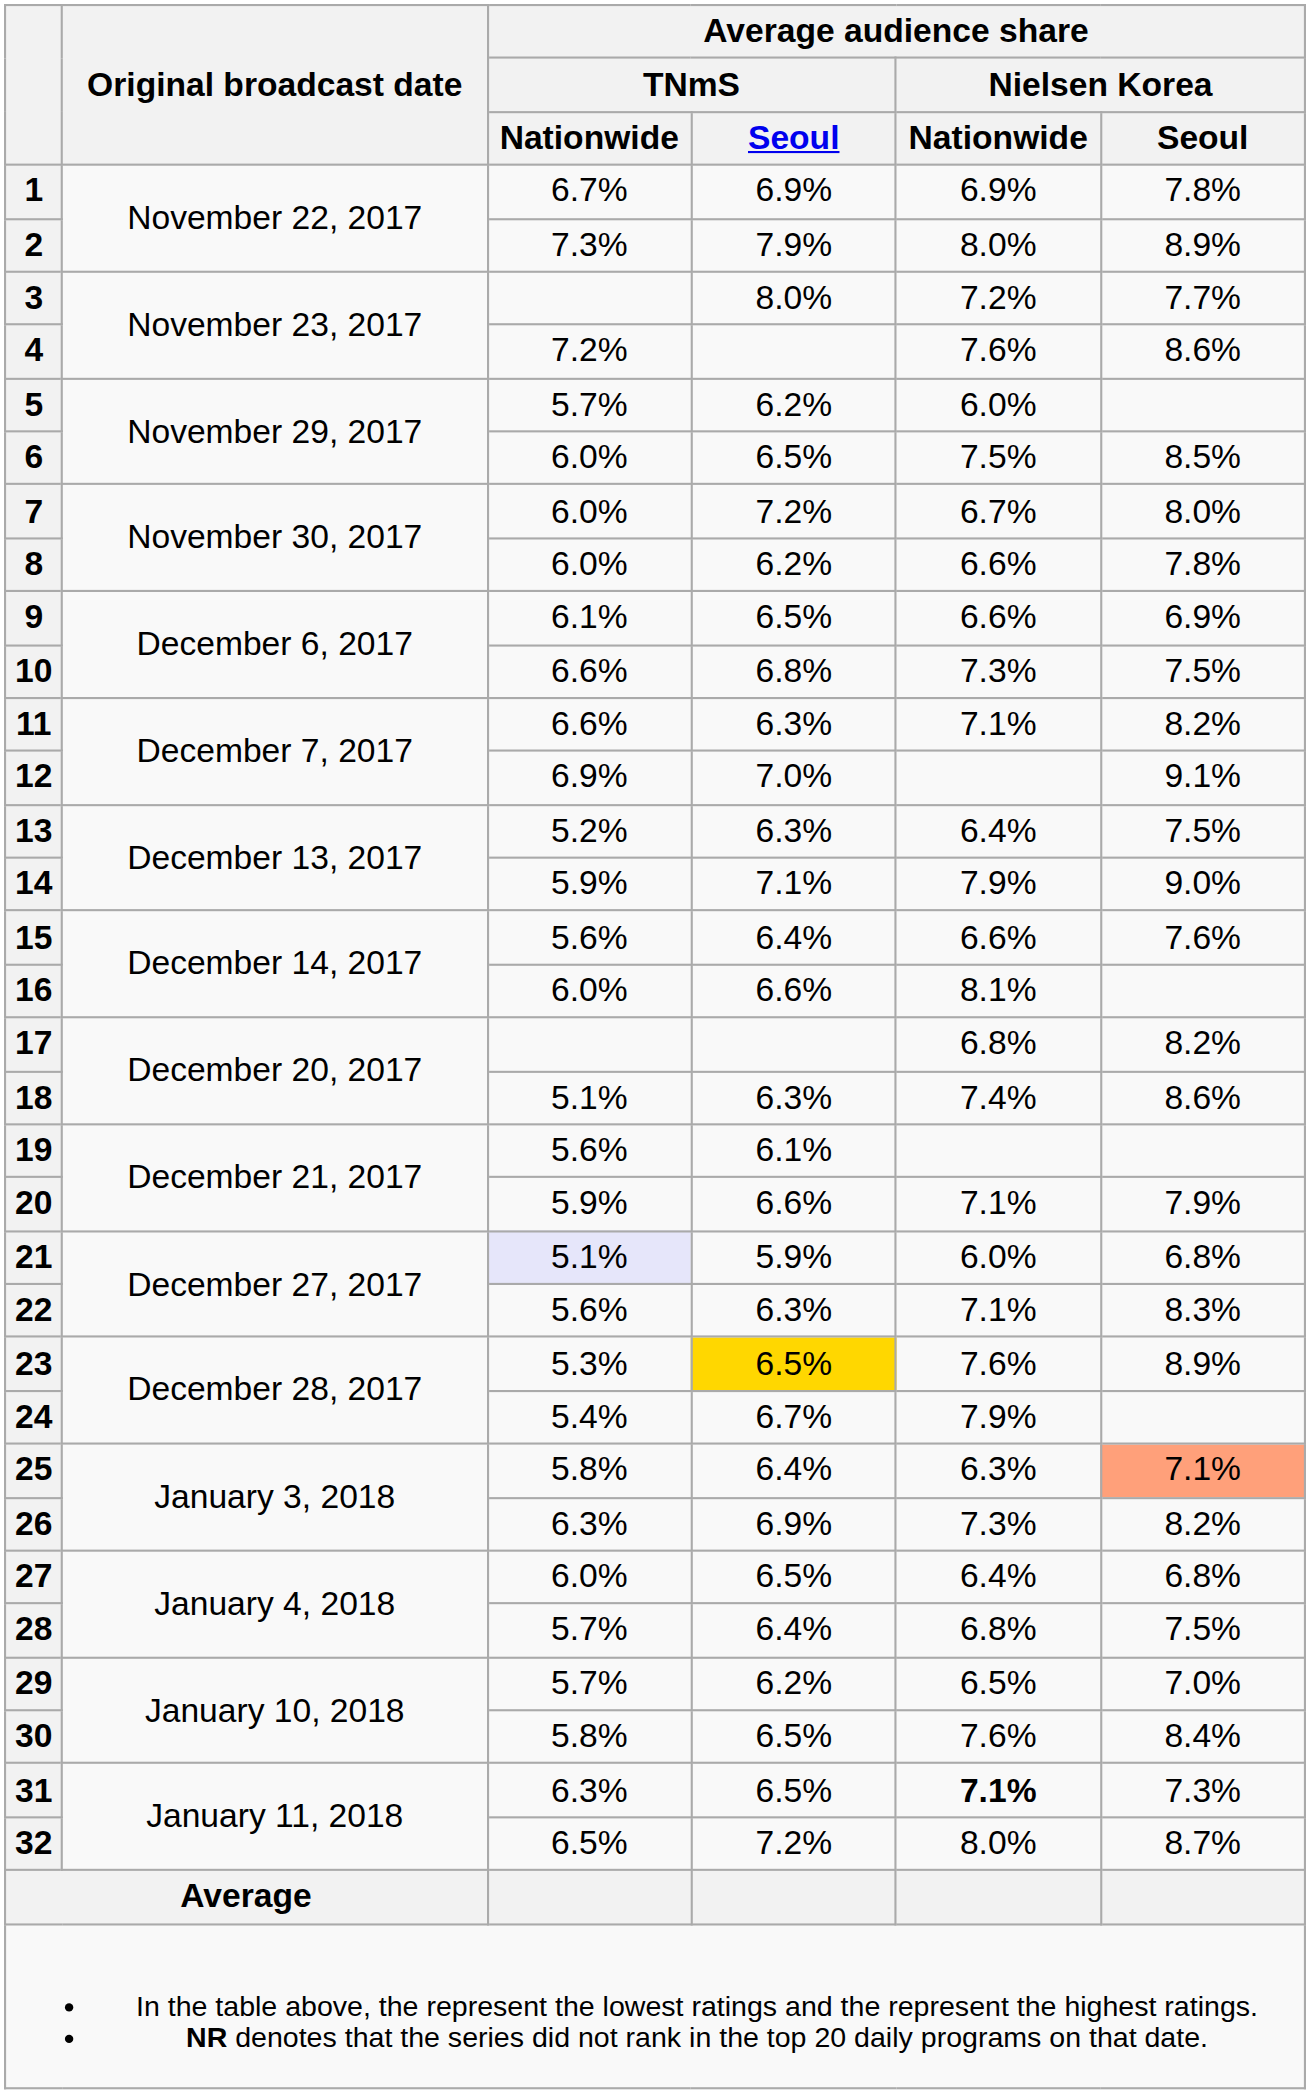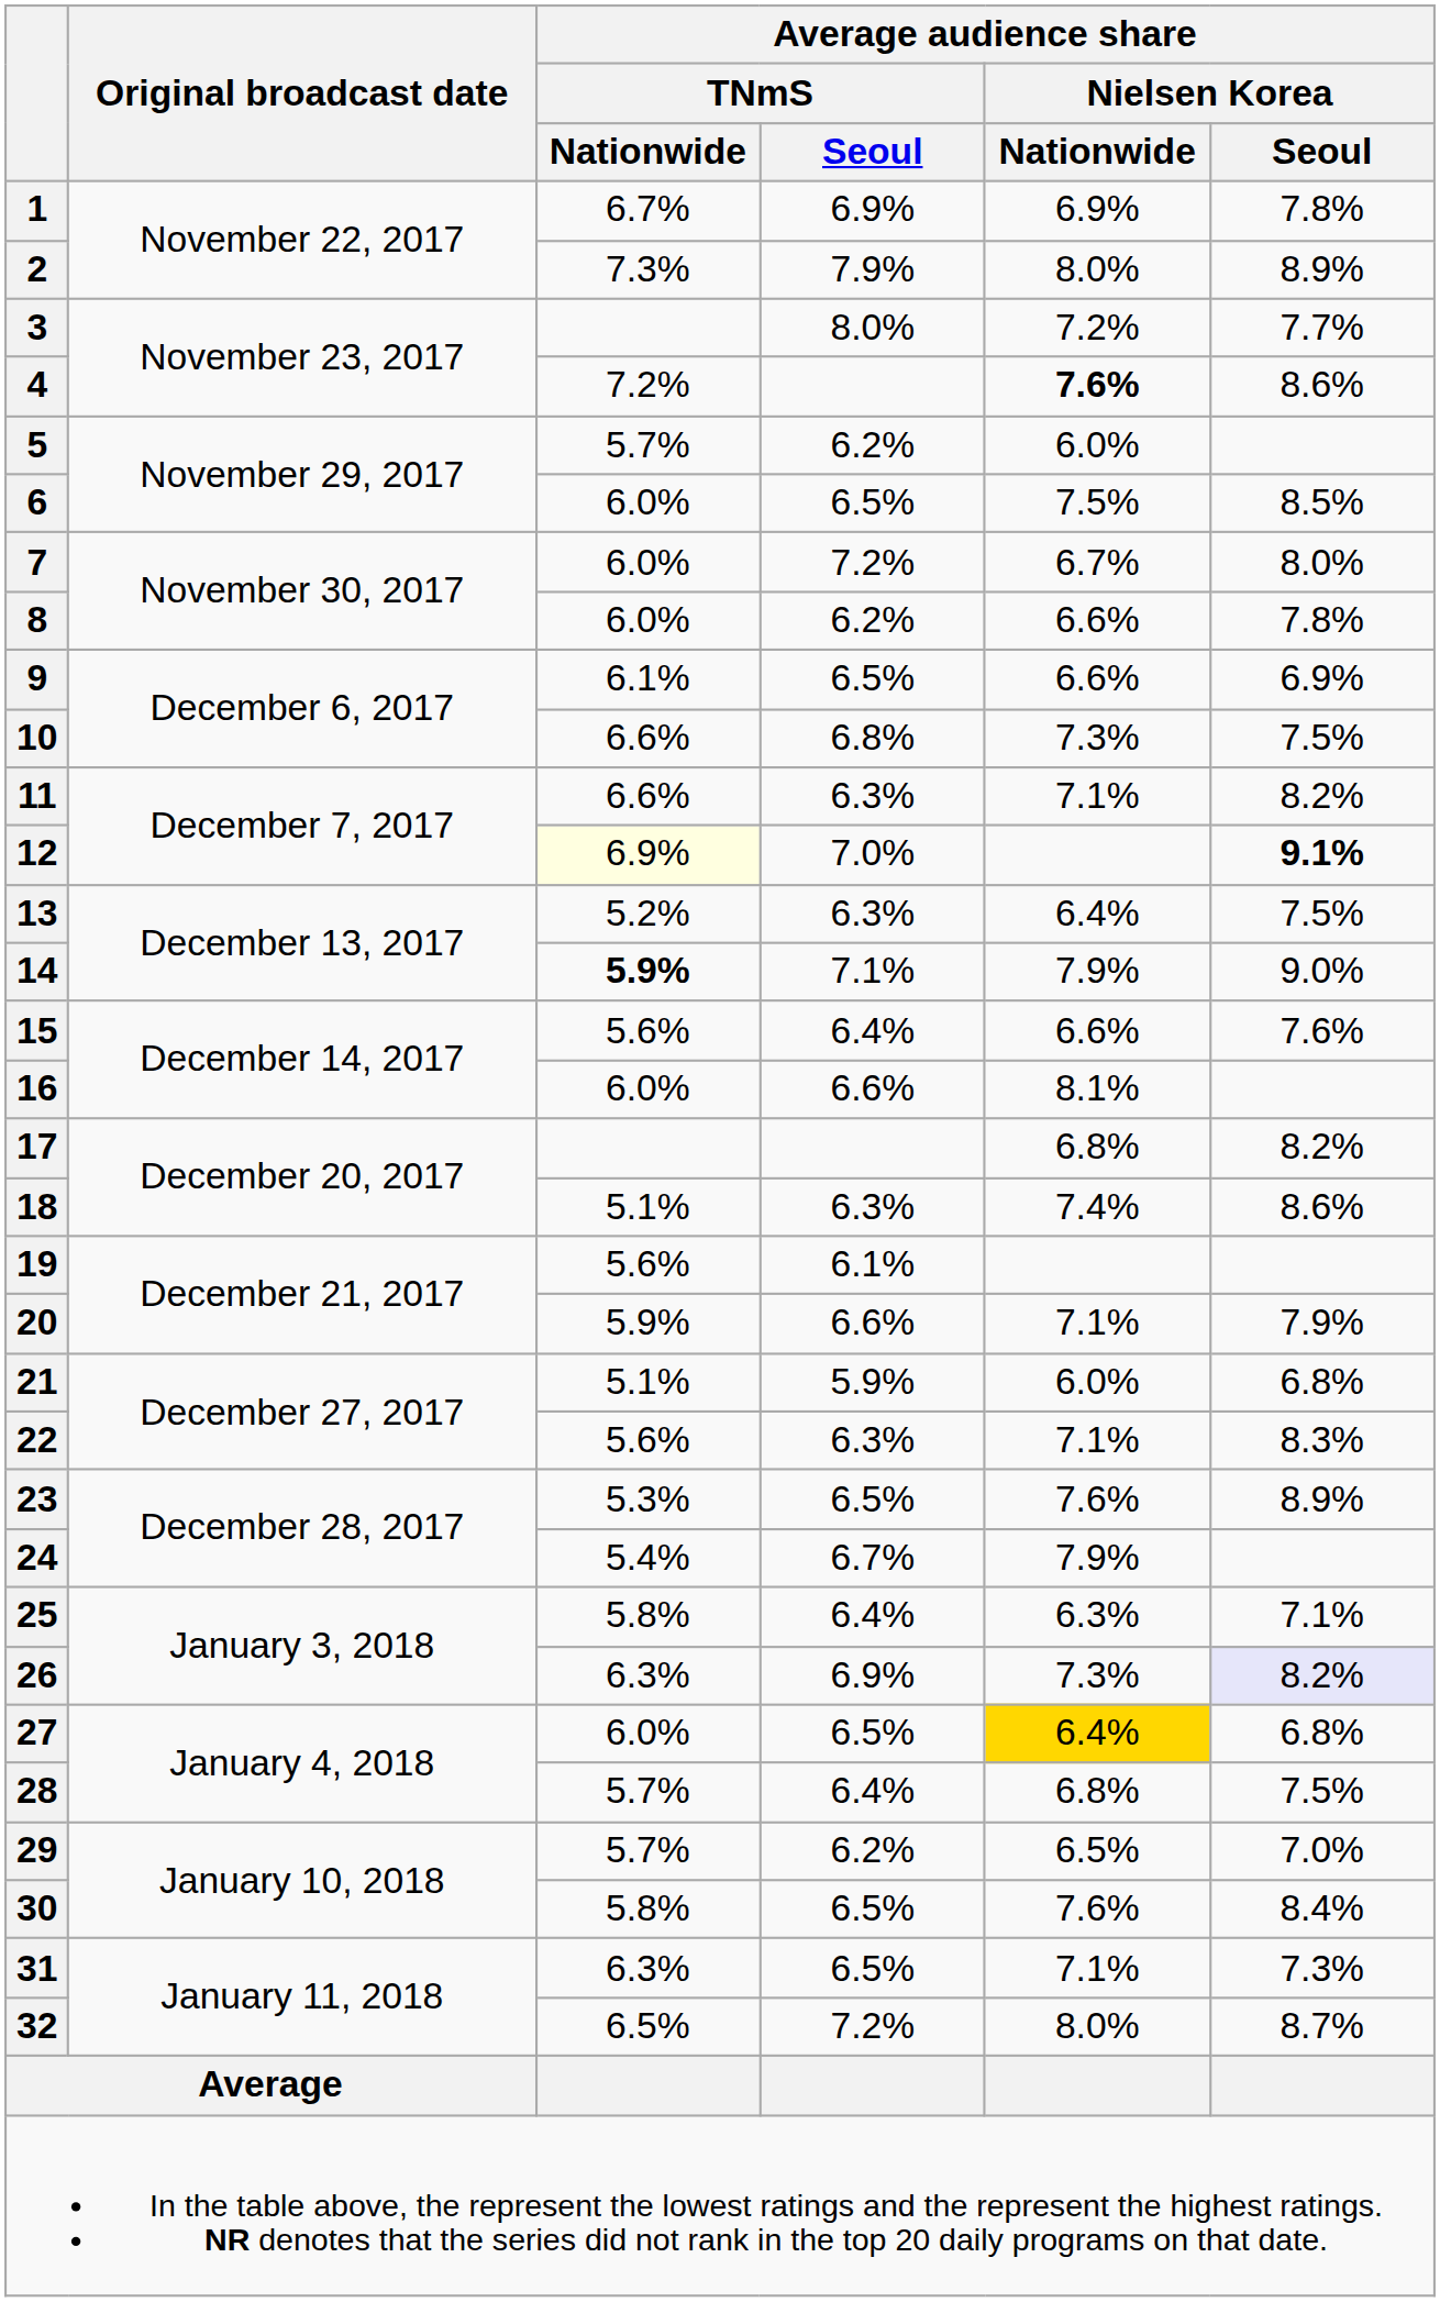 <table class="wikitable" style="text-align:center; width:620px">
 <tr>
 <th rowspan="3"></th>
 <th rowspan="3">Original broadcast date</th>
 <th colspan="4">Average audience share</th>
 </tr>
 <tr>
 <th colspan="2">TNmS</th>
 <th colspan="2">Nielsen Korea</th>
 </tr>
 <tr>
 <th width="90">Nationwide</th>
 <th width="90"><a href='#'>Seoul</a></th>
 <th width="90">Nationwide</th>
 <th width="90">Seoul</th>
 </tr>
 <tr>
 <th>1</th>
 <td rowspan="2">November 22, 2017</td>
 <td>6.7% </td>
 <td>6.9% </td>
 <td>6.9% </td>
 <td>7.8% </td>
 </tr>
 <tr>
 <th>2</th>
 <td>7.3% </td>
 <td>7.9% </td>
 <td>8.0% </td>
 <td>8.9% </td>
 </tr>
 <tr>
 <th>3</th>
 <td rowspan="2">November 23, 2017</td>
 <td> </td>
 <td>8.0% </td>
 <td>7.2% </td>
 <td>7.7% </td>
 </tr>
 <tr>
 <th>4</th>
 <td>7.2% </td>
 <td> </td>
-<td>7.6% </td>
+<td><strong>7.6% </strong></td>
 <td>8.6% </td>
 </tr>
 <tr>
 <th>5</th>
 <td rowspan="2">November 29, 2017</td>
 <td>5.7% </td>
 <td>6.2% </td>
 <td>6.0% </td>
 <td> </td>
 </tr>
 <tr>
 <th>6</th>
 <td>6.0% </td>
 <td>6.5% </td>
 <td>7.5% </td>
 <td>8.5% </td>
 </tr>
 <tr>
 <th>7</th>
 <td rowspan="2">November 30, 2017</td>
 <td>6.0% </td>
 <td>7.2% </td>
 <td>6.7% </td>
 <td>8.0% </td>
 </tr>
 <tr>
 <th>8</th>
 <td>6.0% </td>
 <td>6.2% </td>
 <td>6.6% </td>
 <td>7.8% </td>
 </tr>
 <tr>
 <th>9</th>
 <td rowspan="2">December 6, 2017</td>
 <td>6.1% </td>
 <td>6.5% </td>
 <td>6.6% </td>
 <td>6.9% </td>
 </tr>
 <tr>
 <th>10</th>
 <td>6.6% </td>
 <td>6.8% </td>
 <td>7.3% </td>
 <td>7.5% </td>
 </tr>
 <tr>
 <th>11</th>
 <td rowspan="2">December 7, 2017</td>
 <td>6.6% </td>
 <td>6.3% </td>
 <td>7.1% </td>
 <td>8.2% </td>
 </tr>
 <tr>
 <th>12</th>
-<td>6.9% </td>
+<td style="background: lightyellow;">6.9% </td>
 <td>7.0% </td>
 <td> </td>
-<td>9.1% </td>
+<td><strong>9.1% </strong></td>
 </tr>
 <tr>
 <th>13</th>
 <td rowspan="2">December 13, 2017</td>
 <td>5.2% </td>
 <td>6.3% </td>
 <td>6.4% </td>
 <td>7.5% </td>
 </tr>
 <tr>
 <th>14</th>
-<td>5.9% </td>
+<td><strong>5.9% </strong></td>
 <td>7.1% </td>
 <td>7.9% </td>
 <td>9.0% </td>
 </tr>
 <tr>
 <th>15</th>
 <td rowspan="2">December 14, 2017</td>
 <td>5.6% </td>
 <td>6.4% </td>
 <td>6.6% </td>
 <td>7.6% </td>
 </tr>
 <tr>
 <th>16</th>
 <td>6.0% </td>
 <td>6.6% </td>
 <td>8.1% </td>
 <td><strong></strong> </td>
 </tr>
 <tr>
 <th>17</th>
 <td rowspan="2">December 20, 2017</td>
 <td><strong></strong> </td>
 <td><strong></strong> </td>
 <td>6.8% </td>
 <td>8.2% </td>
 </tr>
 <tr>
 <th>18</th>
 <td>5.1% </td>
 <td>6.3% </td>
 <td>7.4% </td>
 <td>8.6% </td>
 </tr>
 <tr>
 <th>19</th>
 <td rowspan="2">December 21, 2017</td>
 <td>5.6% </td>
 <td>6.1% </td>
 <td><strong></strong> </td>
 <td> </td>
 </tr>
 <tr>
 <th>20</th>
 <td>5.9% </td>
 <td>6.6% </td>
 <td>7.1% </td>
 <td>7.9% </td>
 </tr>
 <tr>
 <th>21</th>
 <td rowspan="2">December 27, 2017</td>
-<td style="background: lavender;">5.1% </td>
+<td>5.1% </td>
 <td>5.9% </td>
 <td>6.0% </td>
 <td>6.8% </td>
 </tr>
 <tr>
 <th>22</th>
 <td>5.6% </td>
 <td>6.3% </td>
 <td>7.1% </td>
 <td>8.3% </td>
 </tr>
 <tr>
 <th>23</th>
 <td rowspan="2">December 28, 2017</td>
 <td>5.3% </td>
-<td style="background: gold;">6.5% </td>
+<td>6.5% </td>
 <td>7.6% </td>
 <td>8.9% </td>
 </tr>
 <tr>
 <th>24</th>
 <td>5.4% </td>
 <td>6.7% </td>
 <td>7.9% </td>
 <td><strong></strong> </td>
 </tr>
 <tr>
 <th>25</th>
 <td rowspan="2">January 3, 2018</td>
 <td>5.8% </td>
 <td>6.4% </td>
 <td>6.3% </td>
-<td style="background: lightsalmon;">7.1% </td>
+<td>7.1% </td>
 </tr>
 <tr>
 <th>26</th>
 <td>6.3% </td>
 <td>6.9% </td>
 <td>7.3% </td>
-<td>8.2% </td>
+<td style="background: lavender;">8.2% </td>
 </tr>
 <tr>
 <th>27</th>
 <td rowspan="2">January 4, 2018</td>
 <td>6.0%</td>
 <td>6.5%</td>
-<td>6.4% </td>
+<td style="background: gold;">6.4% </td>
 <td>6.8% </td>
 </tr>
 <tr>
 <th>28</th>
 <td>5.7%</td>
 <td>6.4%</td>
 <td>6.8% </td>
 <td>7.5% </td>
 </tr>
 <tr>
 <th>29</th>
 <td rowspan="2">January 10, 2018</td>
 <td>5.7%</td>
 <td>6.2%</td>
 <td>6.5% </td>
 <td>7.0% </td>
 </tr>
 <tr>
 <th>30</th>
 <td>5.8%</td>
 <td>6.5%</td>
 <td>7.6% </td>
 <td>8.4% </td>
 </tr>
 <tr>
 <th>31</th>
 <td rowspan="2">January 11, 2018</td>
 <td>6.3%</td>
 <td>6.5%</td>
-<td><strong>7.1% </strong></td>
+<td>7.1% </td>
 <td>7.3% </td>
 </tr>
 <tr>
 <th>32</th>
 <td>6.5%</td>
 <td>7.2%</td>
 <td>8.0% </td>
 <td>8.7% </td>
 </tr>
 <tr>
 <th colspan="2">Average</th>
 <th></th>
 <th></th>
 <th></th>
 <th></th>
 </tr>
 <tr>
 <td colspan="6" style="font-size:85%"><br><ul><li>In the table above, the <strong></strong> represent the lowest ratings and the <strong></strong> represent the highest ratings.</li><li><strong>NR</strong> denotes that the series did not rank in the top 20 daily programs on that date.</li></ul></td>
 </tr>
 </table>
